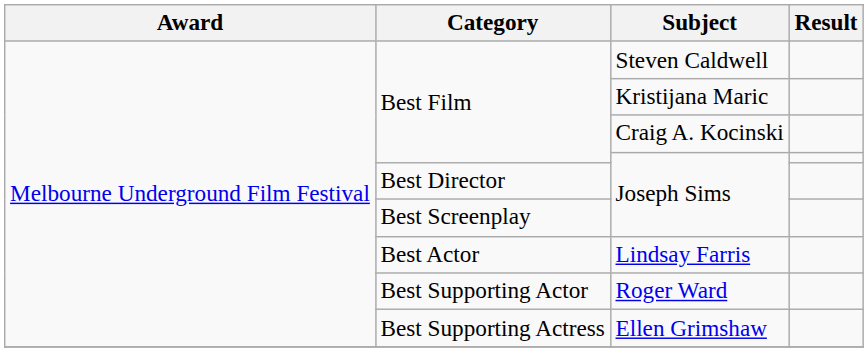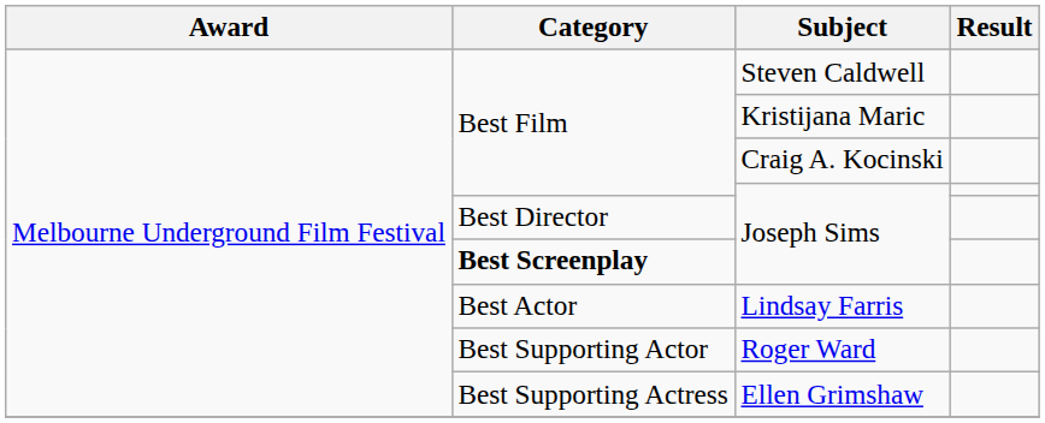 <table class="wikitable">
 <tr>
 <th>Award</th>
 <th>Category</th>
 <th>Subject</th>
 <th>Result</th>
 </tr>
 <tr>
 <td rowspan=9><a href='#'>Melbourne Underground Film Festival</a></td>
 <td rowspan=4>Best Film</td>
 <td>Steven Caldwell</td>
 <td></td>
 </tr>
 <tr>
 <td>Kristijana Maric</td>
 <td></td>
 </tr>
 <tr>
 <td>Craig A. Kocinski</td>
 <td></td>
 </tr>
 <tr>
 <td rowspan=3>Joseph Sims</td>
 <td></td>
 </tr>
 <tr>
 <td>Best Director</td>
 <td></td>
 </tr>
 <tr>
-<td>Best Screenplay</td>
+<td><strong>Best Screenplay</strong></td>
 <td></td>
 </tr>
 <tr>
 <td>Best Actor</td>
 <td><a href='#'>Lindsay Farris</a></td>
 <td></td>
 </tr>
 <tr>
 <td>Best Supporting Actor</td>
 <td><a href='#'>Roger Ward</a></td>
 <td></td>
 </tr>
 <tr>
 <td>Best Supporting Actress</td>
 <td><a href='#'>Ellen Grimshaw</a></td>
 <td></td>
 </tr>
 <tr>
 </tr>
 </table>
